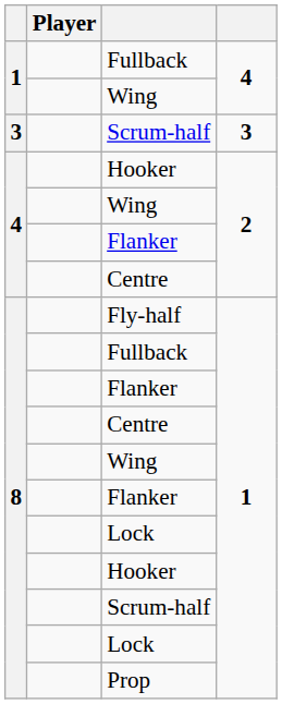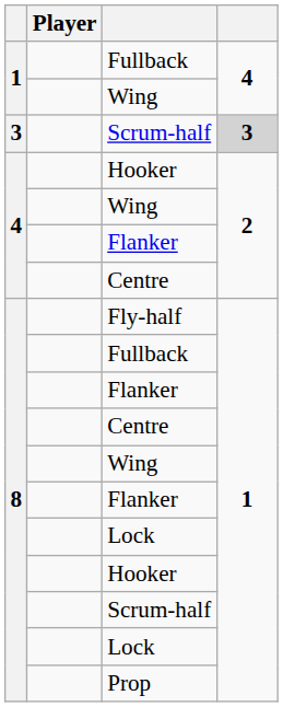 <table class="wikitable">
 <tr>
 <th></th>
 <th>Player</th>
 <th></th>
 <th width=35></th>
 </tr>
 <tr>
 <th align=center rowspan=2>1</th>
 <td align=left> </td>
 <td align=left>Fullback</td>
 <td align=center rowspan=2><strong>4</strong></td>
 </tr>
 <tr>
 <td align=left> </td>
 <td align=left>Wing</td>
 </tr>
 <tr>
 <th align=center>3</th>
 <td align=left> </td>
 <td align=left><a href='#'>Scrum-half</a></td>
-<td align=center><strong>3</strong></td>
+<td align=center style="background: lightgrey;"><strong>3</strong></td>
 </tr>
 <tr>
 <th align=center rowspan=4>4</th>
 <td align=left> </td>
 <td align=left>Hooker</td>
 <td align=center rowspan=4><strong>2</strong></td>
 </tr>
 <tr>
 <td align=left> </td>
 <td align=left>Wing</td>
 </tr>
 <tr>
 <td align=left> </td>
 <td align=left><a href='#'>Flanker</a></td>
 </tr>
 <tr>
 <td align=left> </td>
 <td align=left>Centre</td>
 </tr>
 <tr>
 <th align=center rowspan=11>8</th>
 <td align=left> </td>
 <td align=left>Fly-half</td>
 <td align=center rowspan=11><strong>1</strong></td>
 </tr>
 <tr>
 <td align=left> </td>
 <td align=left>Fullback</td>
 </tr>
 <tr>
 <td align=left> </td>
 <td align=left>Flanker</td>
 </tr>
 <tr>
 <td align=left> </td>
 <td align=left>Centre</td>
 </tr>
 <tr>
 <td align=left> </td>
 <td align=left>Wing</td>
 </tr>
 <tr>
 <td align=left> </td>
 <td align=left>Flanker</td>
 </tr>
 <tr>
 <td align=left> </td>
 <td align=left>Lock</td>
 </tr>
 <tr>
 <td align=left> </td>
 <td align=left>Hooker</td>
 </tr>
 <tr>
 <td align=left> </td>
 <td align=left>Scrum-half</td>
 </tr>
 <tr>
 <td align=left> </td>
 <td align=left>Lock</td>
 </tr>
 <tr>
 <td align=left> </td>
 <td align=left>Prop</td>
 </tr>
 </table>
